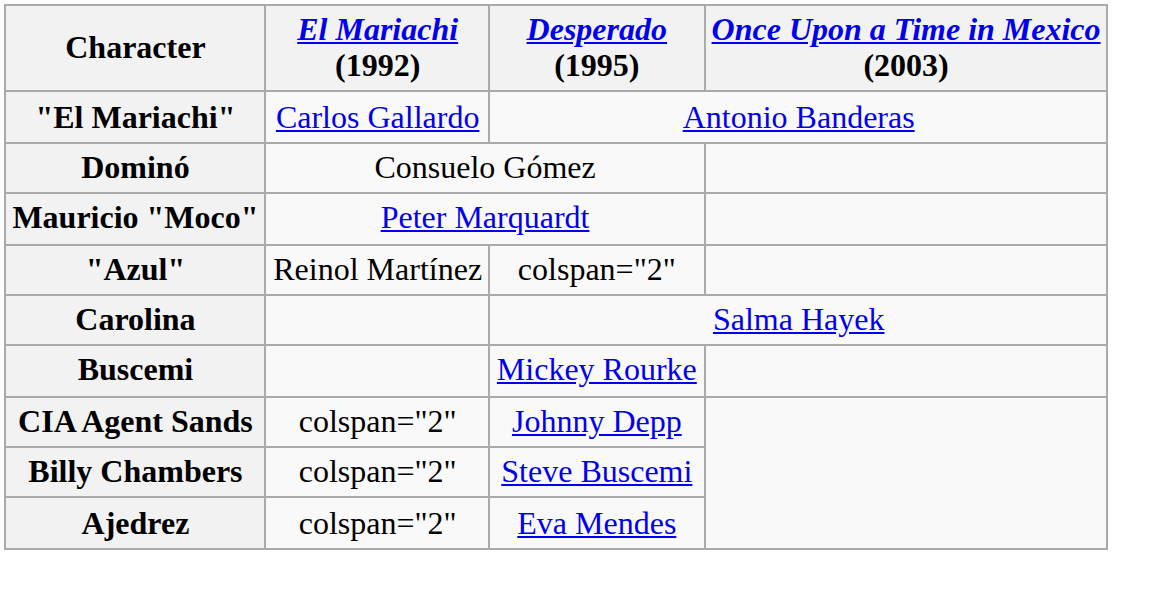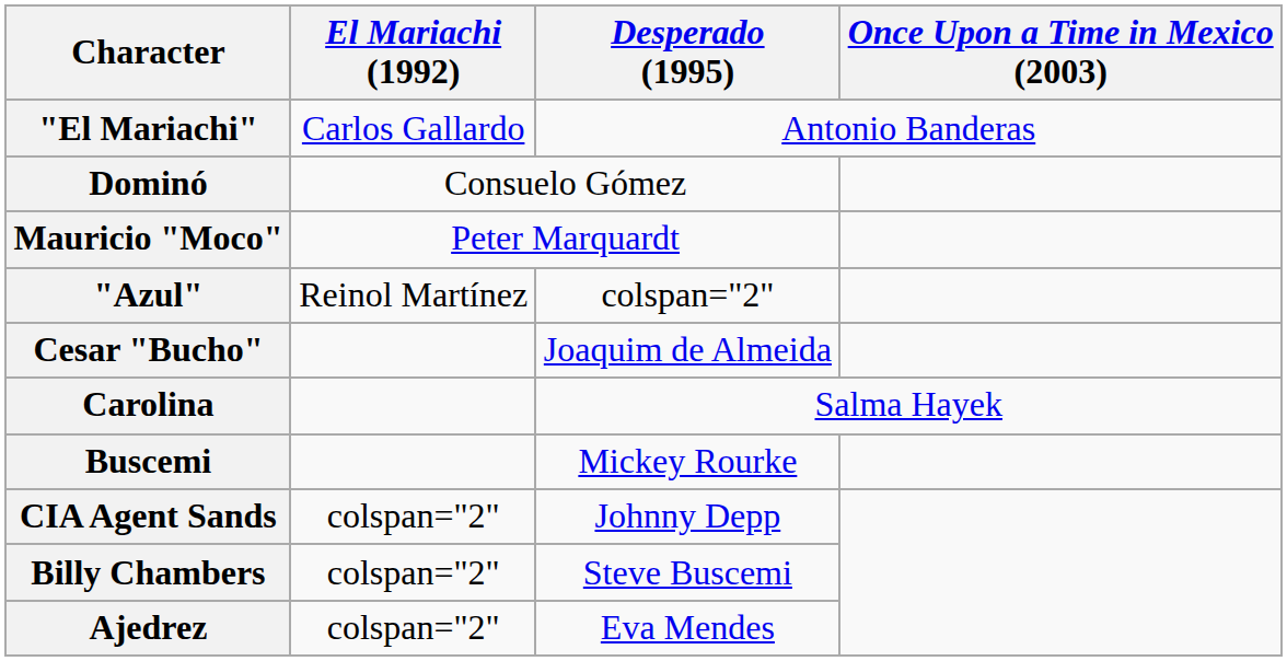 <table class="wikitable" style="text-align:center">
 <tr>
 <th>Character</th>
 <th><em><a href='#'>El Mariachi</a></em><br>(1992)</th>
 <th><em><a href='#'>Desperado</a></em><br>(1995)</th>
 <th><em><a href='#'>Once Upon a Time in Mexico</a></em><br>(2003)</th>
 </tr>
 <tr>
 <th>"El Mariachi"</th>
 <td><a href='#'>Carlos Gallardo</a></td>
 <td colspan="2"><a href='#'>Antonio Banderas</a></td>
 </tr>
 <tr>
 <th>Dominó</th>
 <td colspan="2">Consuelo Gómez</td>
 <td></td>
 </tr>
 <tr>
 <th>Mauricio "Moco"</th>
 <td colspan="2"><a href='#'>Peter Marquardt</a></td>
 <td></td>
 </tr>
 <tr>
 <th>"Azul"</th>
 <td>Reinol Martínez</td>
 <td>colspan="2" </td>
 </tr>
 <tr>
+<th>Cesar "Bucho"</th>
+<td></td>
+<td><a href='#'>Joaquim de Almeida</a></td>
+<td></td>
+</tr>
+<tr>
 <th>Carolina</th>
 <td></td>
 <td colspan="2"><a href='#'>Salma Hayek</a></td>
 </tr>
 <tr>
 <th>Buscemi</th>
 <td></td>
 <td><a href='#'>Mickey Rourke</a></td>
 <td></td>
 </tr>
 <tr>
 <th>CIA Agent Sands</th>
 <td>colspan="2" </td>
 <td><a href='#'>Johnny Depp</a></td>
 </tr>
 <tr>
 <th>Billy Chambers</th>
 <td>colspan="2" </td>
 <td><a href='#'>Steve Buscemi</a></td>
 </tr>
 <tr>
 <th>Ajedrez</th>
 <td>colspan="2" </td>
 <td><a href='#'>Eva Mendes</a></td>
 </tr>
 </table>
